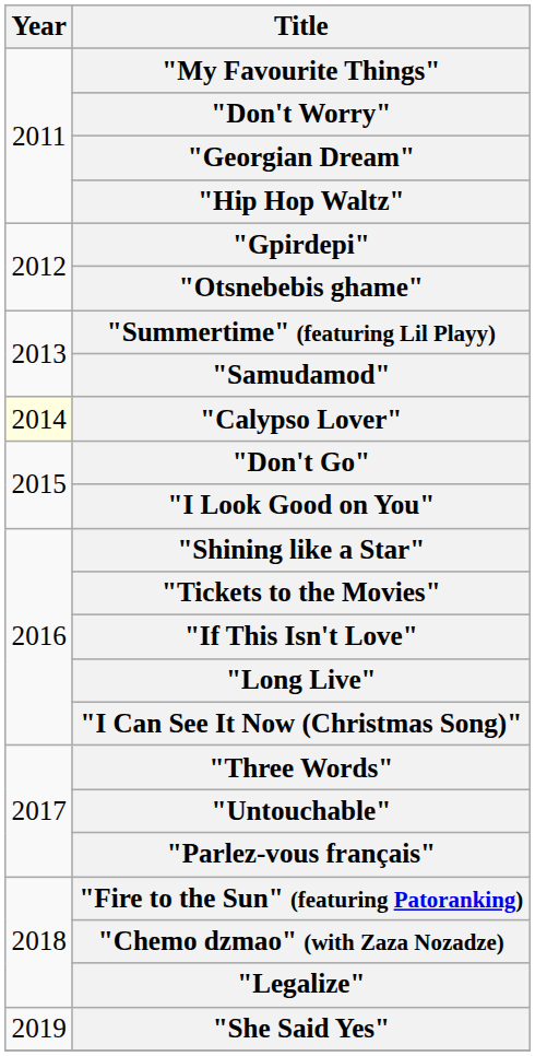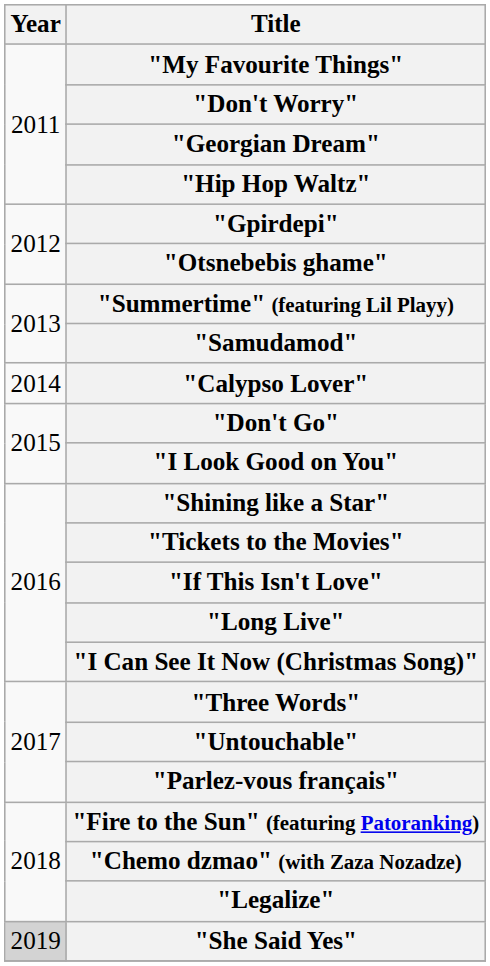 <table class="wikitable plainrowheaders" style="text-align:center;">
 <tr>
 <th scope="col" rowspan="1" style="width:1em;">Year</th>
 <th scope="col" rowspan="1">Title</th>
 </tr>
 <tr>
 <td rowspan=4>2011</td>
 <th scope="row">"My Favourite Things"</th>
 </tr>
 <tr>
 <th scope="row">"Don't Worry"</th>
 </tr>
 <tr>
 <th scope="row">"Georgian Dream"</th>
 </tr>
 <tr>
 <th scope="row">"Hip Hop Waltz"</th>
 </tr>
 <tr>
 <td rowspan=2>2012</td>
 <th scope="row">"Gpirdepi"</th>
 </tr>
 <tr>
 <th scope="row">"Otsnebebis ghame"</th>
 </tr>
 <tr>
 <td rowspan=2>2013</td>
 <th scope="row">"Summertime" <small>(featuring Lil Playy)</small></th>
 </tr>
 <tr>
 <th scope="row">"Samudamod"</th>
 </tr>
 <tr>
-<td rowspan=1 style="background: lightyellow;">2014</td>
+<td rowspan=1>2014</td>
 <th scope="row">"Calypso Lover"</th>
 </tr>
 <tr>
 <td rowspan=2>2015</td>
 <th scope="row">"Don't Go"</th>
 </tr>
 <tr>
 <th scope="row">"I Look Good on You"</th>
 </tr>
 <tr>
 <td rowspan=5>2016</td>
 <th scope="row">"Shining like a Star"</th>
 </tr>
 <tr>
 <th scope="row">"Tickets to the Movies"</th>
 </tr>
 <tr>
 <th scope="row">"If This Isn't Love"</th>
 </tr>
 <tr>
 <th scope="row">"Long Live"</th>
 </tr>
 <tr>
 <th scope="row">"I Can See It Now (Christmas Song)"</th>
 </tr>
 <tr>
 <td rowspan=3>2017</td>
 <th scope="row">"Three Words"</th>
 </tr>
 <tr>
 <th scope="row">"Untouchable"</th>
 </tr>
 <tr>
 <th scope="row">"Parlez-vous français"</th>
 </tr>
 <tr>
 <td rowspan=3>2018</td>
 <th scope="row">"Fire to the Sun" <small>(featuring <a href='#'>Patoranking</a>)</small></th>
 </tr>
 <tr>
 <th scope="row">"Chemo dzmao" <small>(with Zaza Nozadze)</small></th>
 </tr>
 <tr>
 <th scope="row">"Legalize"</th>
 </tr>
 <tr>
-<td rowspan=1>2019</td>
+<td rowspan=1 style="background: lightgrey;">2019</td>
 <th scope="row">"She Said Yes"</th>
 </tr>
 <tr>
 </tr>
 </table>
